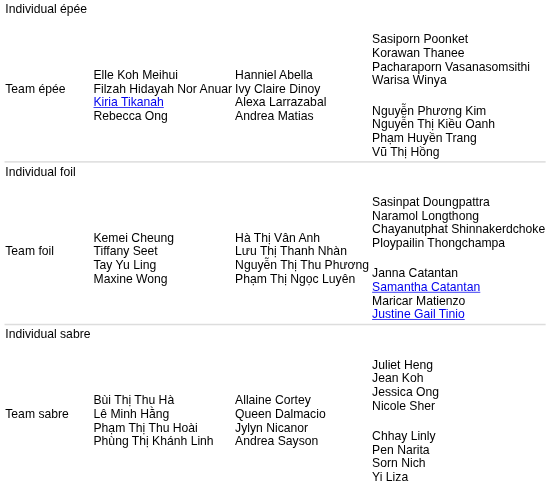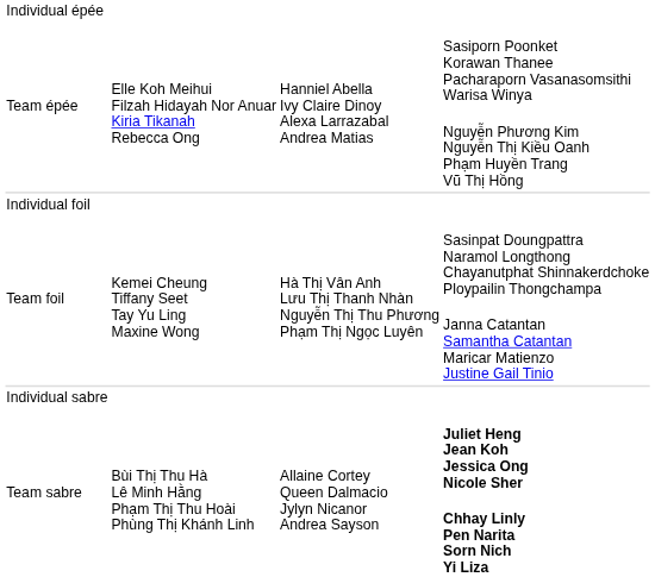 <table>
 <tr>
 <td rowspan=2>Individual épée</td>
 <td rowspan=2></td>
 <td rowspan=2></td>
 <td></td>
 </tr>
 <tr>
 <td></td>
 </tr>
 <tr>
 <td rowspan=2>Team épée</td>
 <td rowspan=2 nowrap><br>Elle Koh Meihui<br>Filzah Hidayah Nor Anuar<br><a href='#'>Kiria Tikanah</a><br>Rebecca Ong</td>
 <td rowspan=2><br>Hanniel Abella<br>Ivy Claire Dinoy<br>Alexa Larrazabal<br>Andrea Matias</td>
 <td><br>Sasiporn Poonket<br>Korawan Thanee<br>Pacharaporn Vasanasomsithi<br>Warisa Winya</td>
 </tr>
 <tr>
 <td><br>Nguyễn Phương Kim<br>Nguyễn Thị Kiều Oanh<br>Phạm Huyền Trang<br>Vũ Thị Hồng</td>
 </tr>
 <tr>
 <td colspan="7" style="background:#dddddd;"></td>
 </tr>
 <tr>
 <td rowspan=2>Individual foil</td>
 <td rowspan=2></td>
 <td rowspan=2></td>
 <td></td>
 </tr>
 <tr>
 <td></td>
 </tr>
 <tr>
 <td rowspan=2>Team foil</td>
 <td rowspan=2><br>Kemei Cheung<br>Tiffany Seet<br>Tay Yu Ling<br>Maxine Wong</td>
 <td rowspan=2 nowrap><br>Hà Thị Vân Anh<br>Lưu Thị Thanh Nhàn<br>Nguyễn Thị Thu Phương<br>Phạm Thị Ngọc Luyên</td>
 <td nowrap><br>Sasinpat Doungpattra<br>Naramol Longthong<br>Chayanutphat Shinnakerdchoke<br>Ploypailin Thongchampa</td>
 </tr>
 <tr>
 <td><br>Janna Catantan<br><a href='#'>Samantha Catantan</a><br>Maricar Matienzo<br><a href='#'>Justine Gail Tinio</a></td>
 </tr>
 <tr>
 <td colspan="7" style="background:#dddddd;"></td>
 </tr>
 <tr>
 <td rowspan=2>Individual sabre</td>
 <td rowspan=2></td>
 <td rowspan=2></td>
 <td></td>
 </tr>
 <tr>
 <td></td>
 </tr>
 <tr>
 <td rowspan=2>Team sabre</td>
 <td rowspan=2><br>Bùi Thị Thu Hà<br>Lê Minh Hằng<br>Phạm Thị Thu Hoài<br>Phùng Thị Khánh Linh</td>
 <td rowspan=2><br>Allaine Cortey<br>Queen Dalmacio<br>Jylyn Nicanor<br>Andrea Sayson</td>
-<td><br>Juliet Heng<br>Jean Koh<br>Jessica Ong<br>Nicole Sher</td>
+<td><strong><br>Juliet Heng<br>Jean Koh<br>Jessica Ong<br>Nicole Sher</strong></td>
 </tr>
 <tr>
-<td><br>Chhay Linly<br>Pen Narita<br>Sorn Nich<br>Yi Liza</td>
+<td><strong><br>Chhay Linly<br>Pen Narita<br>Sorn Nich<br>Yi Liza</strong></td>
 </tr>
 </table>
